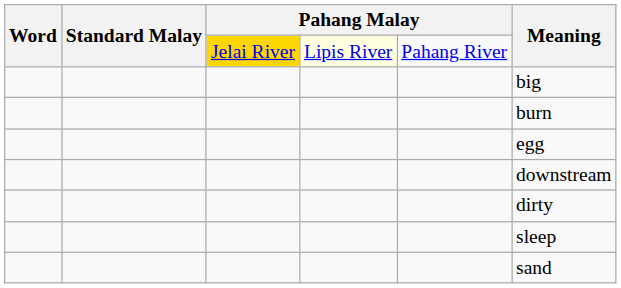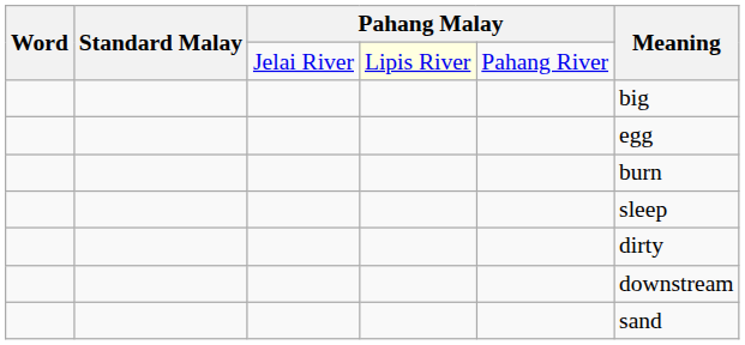 <table class="wikitable">
 <tr>
 <th rowspan="2" style="text-align: center;">Word</th>
 <th rowspan="2" style="text-align: center;">Standard Malay</th>
 <th colspan="3" style="text-align: center;">Pahang Malay</th>
 <th rowspan="2" style="text-align: center;">Meaning</th>
 </tr>
 <tr>
-<td style="background: gold;"><a href='#'>Jelai River</a></td>
+<td><a href='#'>Jelai River</a></td>
 <td style="background: lightyellow;"><a href='#'>Lipis River</a></td>
 <td><a href='#'>Pahang River</a></td>
 </tr>
 <tr>
 <td></td>
 <td></td>
 <td></td>
 <td></td>
 <td></td>
 <td>big</td>
 </tr>
 <tr>
 <td></td>
 <td></td>
 <td></td>
 <td></td>
 <td></td>
+<td>egg</td>
+</tr>
+<tr>
+<td></td>
+<td></td>
+<td></td>
+<td></td>
+<td></td>
 <td>burn</td>
 </tr>
 <tr>
 <td></td>
 <td></td>
 <td></td>
 <td></td>
 <td></td>
-<td>egg</td>
+<td>sleep</td>
+</tr>
+<tr>
+<td></td>
+<td></td>
+<td></td>
+<td></td>
+<td></td>
+<td>dirty</td>
 </tr>
 <tr>
 <td></td>
 <td></td>
 <td></td>
 <td></td>
 <td></td>
 <td>downstream</td>
 </tr>
 <tr>
 <td></td>
 <td></td>
 <td></td>
 <td></td>
 <td></td>
-<td>dirty</td>
-</tr>
-<tr>
-<td></td>
-<td></td>
-<td></td>
-<td></td>
-<td></td>
-<td>sleep</td>
-</tr>
-<tr>
-<td></td>
-<td></td>
-<td></td>
-<td></td>
-<td></td>
 <td>sand</td>
 </tr>
 </table>
